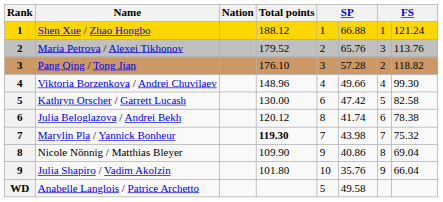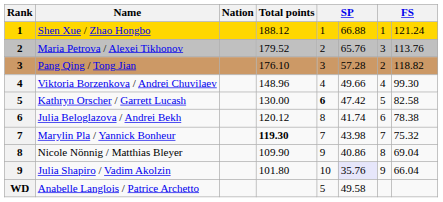 <table class="wikitable">
 <tr>
 <th>Rank</th>
 <th>Name</th>
 <th>Nation</th>
 <th>Total points</th>
 <th colspan="2" width="80px"><a href='#'>SP</a></th>
 <th colspan="2" width="80px"><a href='#'>FS</a></th>
 </tr>
 <tr bgcolor="gold">
 <td align="center"><strong>1</strong></td>
 <td><a href='#'>Shen Xue</a> / <a href='#'>Zhao Hongbo</a></td>
 <td></td>
 <td>188.12</td>
 <td>1</td>
 <td>66.88</td>
 <td>1</td>
 <td>121.24</td>
 </tr>
 <tr bgcolor="silver">
 <td align="center"><strong>2</strong></td>
 <td><a href='#'>Maria Petrova</a> / <a href='#'>Alexei Tikhonov</a></td>
 <td></td>
 <td>179.52</td>
 <td>2</td>
 <td>65.76</td>
 <td>3</td>
 <td>113.76</td>
 </tr>
 <tr bgcolor="cc9966">
 <td align="center"><strong>3</strong></td>
 <td><a href='#'>Pang Qing</a> / <a href='#'>Tong Jian</a></td>
 <td></td>
 <td>176.10</td>
 <td>3</td>
 <td>57.28</td>
 <td>2</td>
 <td>118.82</td>
 </tr>
 <tr>
 <th>4</th>
 <td><a href='#'>Viktoria Borzenkova</a> / <a href='#'>Andrei Chuvilaev</a></td>
 <td></td>
 <td>148.96</td>
 <td>4</td>
 <td>49.66</td>
 <td>4</td>
 <td>99.30</td>
 </tr>
 <tr>
 <th>5</th>
 <td><a href='#'>Kathryn Orscher</a> / <a href='#'>Garrett Lucash</a></td>
 <td></td>
 <td>130.00</td>
-<td>6</td>
+<td><strong>6</strong></td>
 <td>47.42</td>
 <td>5</td>
 <td>82.58</td>
 </tr>
 <tr>
 <th>6</th>
 <td><a href='#'>Julia Beloglazova</a> / <a href='#'>Andrei Bekh</a></td>
 <td></td>
 <td>120.12</td>
 <td>8</td>
 <td>41.74</td>
 <td>6</td>
 <td>78.38</td>
 </tr>
 <tr>
 <th>7</th>
 <td><a href='#'>Marylin Pla</a> / <a href='#'>Yannick Bonheur</a></td>
 <td></td>
 <td><strong>119.30</strong></td>
 <td>7</td>
 <td>43.98</td>
 <td>7</td>
 <td>75.32</td>
 </tr>
 <tr>
 <th>8</th>
 <td>Nicole Nönnig / Matthias Bleyer</td>
 <td></td>
 <td>109.90</td>
 <td>9</td>
 <td>40.86</td>
 <td>8</td>
 <td>69.04</td>
 </tr>
 <tr>
 <th>9</th>
 <td><a href='#'>Julia Shapiro</a> / <a href='#'>Vadim Akolzin</a></td>
 <td></td>
 <td>101.80</td>
 <td>10</td>
-<td>35.76</td>
+<td style="background: lavender;">35.76</td>
 <td>9</td>
 <td>66.04</td>
 </tr>
 <tr>
 <th>WD</th>
 <td><a href='#'>Anabelle Langlois</a> / <a href='#'>Patrice Archetto</a></td>
 <td></td>
 <td></td>
 <td>5</td>
 <td>49.58</td>
 <td></td>
 <td></td>
 </tr>
 </table>
